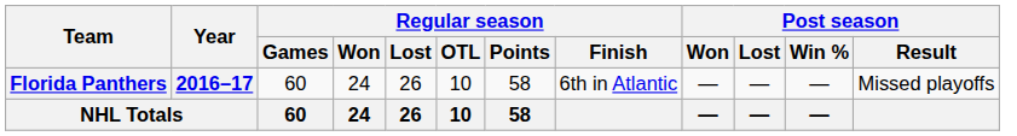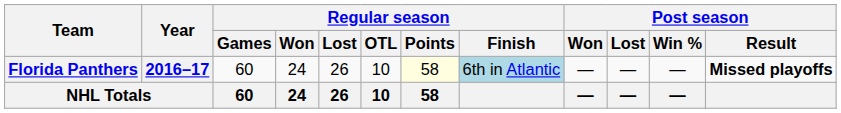 <table class="wikitable" style="font-size: 95%; text-align:center;">
 <tr>
 <th rowspan="2">Team</th>
 <th rowspan="2">Year</th>
 <th colspan="6"><a href='#'>Regular season</a></th>
 <th colspan="4"><a href='#'>Post season</a></th>
 </tr>
 <tr>
 <th>Games</th>
 <th>Won</th>
 <th>Lost</th>
 <th>OTL</th>
 <th>Points</th>
 <th>Finish</th>
 <th>Won</th>
 <th>Lost</th>
 <th>Win %</th>
 <th>Result</th>
 </tr>
 <tr>
 <th><a href='#'>Florida Panthers</a></th>
 <th><a href='#'>2016–17</a></th>
 <td>60</td>
 <td>24</td>
 <td>26</td>
 <td>10</td>
-<td>58</td>
-<td>6th in <a href='#'>Atlantic</a></td>
+<td style="background: lightyellow;">58</td>
+<td style="background: lightblue;">6th in <a href='#'>Atlantic</a></td>
 <td>—</td>
 <td>—</td>
 <td>—</td>
-<td>Missed playoffs</td>
+<td><strong>Missed playoffs</strong></td>
 </tr>
 <tr>
 <th colspan="2">NHL Totals</th>
 <th>60</th>
 <th>24</th>
 <th>26</th>
 <th>10</th>
 <th>58</th>
 <th></th>
 <th>—</th>
 <th>—</th>
 <th>—</th>
 <th></th>
 </tr>
 </table>
